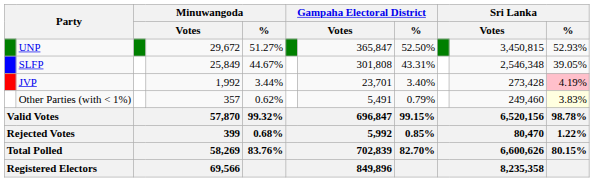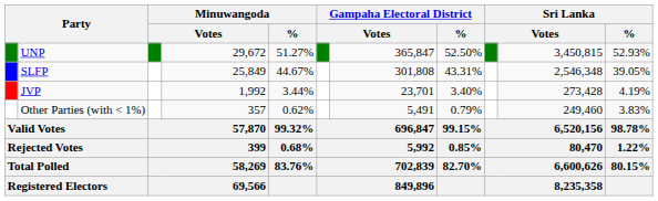 <table class="wikitable">
 <tr>
 <th colspan="2" width="144px"rowspan="2">Party</th>
 <th colspan="3" width="216px">Minuwangoda</th>
 <th colspan="3" width="216px"><a href='#'>Gampaha Electoral District</a></th>
 <th colspan="3" width="216px">Sri Lanka</th>
 </tr>
 <tr>
 <th colspan="2" width="144px">Votes</th>
 <th>%</th>
 <th colspan="2" width="144px">Votes</th>
 <th>%</th>
 <th colspan="2" width="144px">Votes</th>
 <th>%</th>
 </tr>
 <tr>
 <td style="background-color:green;" width="10px"></td>
 <td style="text-align:left;"><a href='#'>UNP</a></td>
 <td style="background-color:green;" width="10px"></td>
 <td style="text-align:right;">29,672</td>
 <td style="text-align:right;">51.27%</td>
 <td style="background-color:green;" width="10px"></td>
 <td style="text-align:right;">365,847</td>
 <td style="text-align:right;">52.50%</td>
 <td style="background-color:green;" width="10px"></td>
 <td style="text-align:right;">3,450,815</td>
 <td style="text-align:right;">52.93%</td>
 </tr>
 <tr>
 <td style="background-color:blue;" width="10px"></td>
 <td style="text-align:left;"><a href='#'>SLFP</a></td>
 <td style="background-color:white;" width="10px"></td>
 <td style="text-align:right;">25,849</td>
 <td style="text-align:right;">44.67%</td>
 <td style="background-color:white;" width="10px"></td>
 <td style="text-align:right;">301,808</td>
 <td style="text-align:right;">43.31%</td>
 <td style="background-color:white;" width="10px"></td>
 <td style="text-align:right;">2,546,348</td>
 <td style="text-align:right;">39.05%</td>
 </tr>
 <tr>
 <td style="background-color:red;" width="10px"></td>
 <td style="text-align:left;"><a href='#'>JVP</a></td>
 <td style="background-color:white;" width="10px"></td>
 <td style="text-align:right;">1,992</td>
 <td style="text-align:right;">3.44%</td>
 <td style="background-color:white;" width="10px"></td>
 <td style="text-align:right;">23,701</td>
 <td style="text-align:right;">3.40%</td>
 <td style="background-color:white;" width="10px"></td>
 <td style="text-align:right;">273,428</td>
-<td style="background: pink; text-align:right;">4.19%</td>
+<td style="text-align:right;">4.19%</td>
 </tr>
 <tr>
 <td style="background-color:white;" width="10px"></td>
 <td style="text-align:left;">Other Parties (with < 1%)</td>
 <td style="background-color:white;" width="10px"></td>
 <td style="text-align:right;">357</td>
 <td style="text-align:right;">0.62%</td>
 <td style="background-color:white;" width="10px"></td>
 <td style="text-align:right;">5,491</td>
 <td style="text-align:right;">0.79%</td>
 <td style="background-color:white;" width="10px"></td>
 <td style="text-align:right;">249,460</td>
-<td style="background: lightyellow; text-align:right;">3.83%</td>
+<td style="text-align:right;">3.83%</td>
 </tr>
 <tr>
 <th colspan="2" width="144px"style="text-align:left;">Valid Votes</th>
 <th style="text-align:right;"colspan="2" width="144px">57,870</th>
 <th style="text-align:right;">99.32%</th>
 <th style="text-align:right;"colspan="2" width="144px">696,847</th>
 <th style="text-align:right;">99.15%</th>
 <th style="text-align:right;"colspan="2" width="144px">6,520,156</th>
 <th style="text-align:right;">98.78%</th>
 </tr>
 <tr>
 <th colspan="2" width="144px"style="text-align:left;">Rejected Votes</th>
 <th style="text-align:right;"colspan="2" width="144px">399</th>
 <th style="text-align:right;">0.68%</th>
 <th style="text-align:right;"colspan="2" width="144px">5,992</th>
 <th style="text-align:right;">0.85%</th>
 <th style="text-align:right;"colspan="2" width="144px">80,470</th>
 <th style="text-align:right;">1.22%</th>
 </tr>
 <tr>
 <th colspan="2" width="144px"style="text-align:left;">Total Polled</th>
 <th style="text-align:right;"colspan="2" width="144px">58,269</th>
 <th style="text-align:right;">83.76%</th>
 <th style="text-align:right;"colspan="2" width="144px">702,839</th>
 <th style="text-align:right;">82.70%</th>
 <th style="text-align:right;"colspan="2" width="144px">6,600,626</th>
 <th style="text-align:right;">80.15%</th>
 </tr>
 <tr>
 <th colspan="2" width="144px"style="text-align:left;">Registered Electors</th>
 <th style="text-align:right;"colspan="2" width="144px">69,566</th>
 <th></th>
 <th style="text-align:right;"colspan="2" width="144px">849,896</th>
 <th></th>
 <th style="text-align:right;"colspan="2" width="144px">8,235,358</th>
 <th></th>
 </tr>
 </table>
